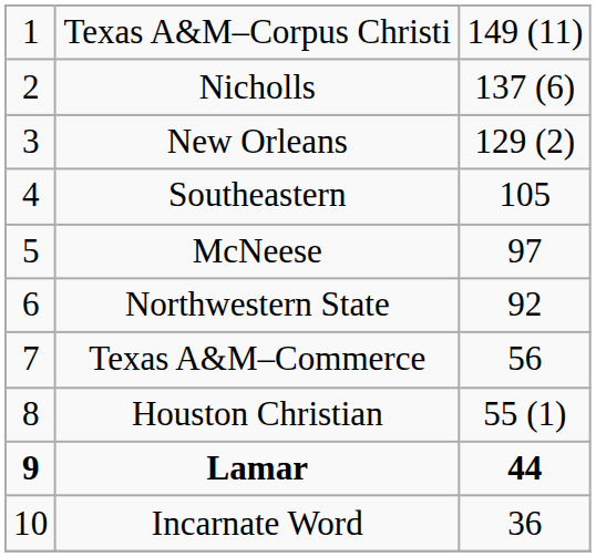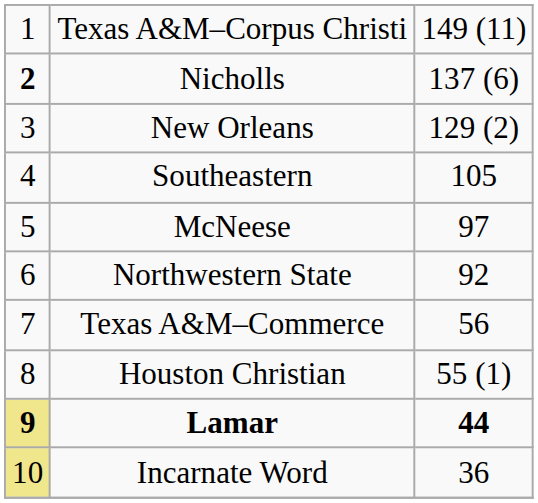 <table class="wikitable">
 <tr align="center">
 <td>1</td>
 <td>Texas A&M–Corpus Christi</td>
 <td>149 (11)</td>
 </tr>
 <tr align="center">
-<td>2</td>
+<td><strong>2</strong></td>
 <td>Nicholls</td>
 <td>137 (6)</td>
 </tr>
 <tr align="center">
 <td>3</td>
 <td>New Orleans</td>
 <td>129 (2)</td>
 </tr>
 <tr align="center">
 <td>4</td>
 <td>Southeastern</td>
 <td>105</td>
 </tr>
 <tr align="center">
 <td>5</td>
 <td>McNeese</td>
 <td>97</td>
 </tr>
 <tr align="center">
 <td>6</td>
 <td>Northwestern State</td>
 <td>92</td>
 </tr>
 <tr align="center">
 <td>7</td>
 <td>Texas A&M–Commerce</td>
 <td>56</td>
 </tr>
 <tr align="center">
 <td>8</td>
 <td>Houston Christian</td>
 <td>55 (1)</td>
 </tr>
 <tr align="center">
-<td><strong>9</strong></td>
+<td style="background: khaki;"><strong>9</strong></td>
 <td><strong>Lamar</strong></td>
 <td><strong>44</strong></td>
 </tr>
 <tr align="center">
-<td>10</td>
+<td style="background: khaki;">10</td>
 <td>Incarnate Word</td>
 <td>36</td>
 </tr>
 <tr align="center">
 </tr>
 </table>
